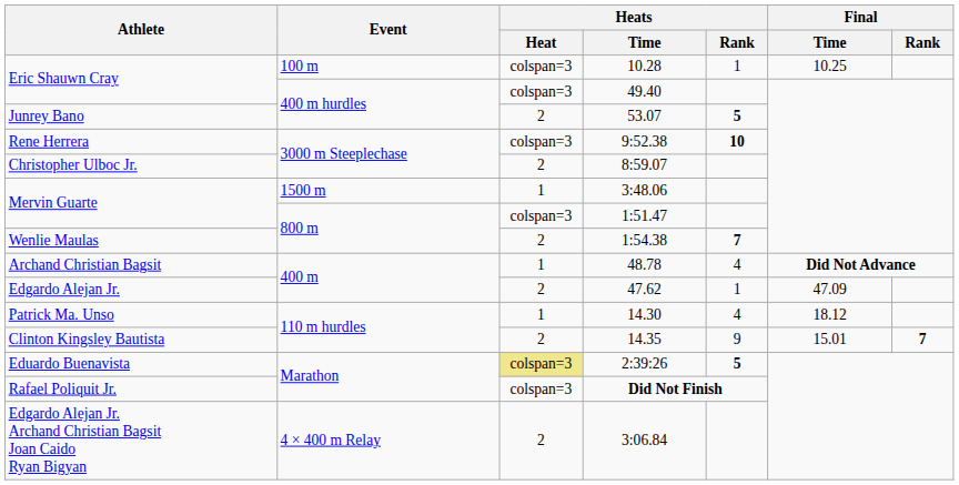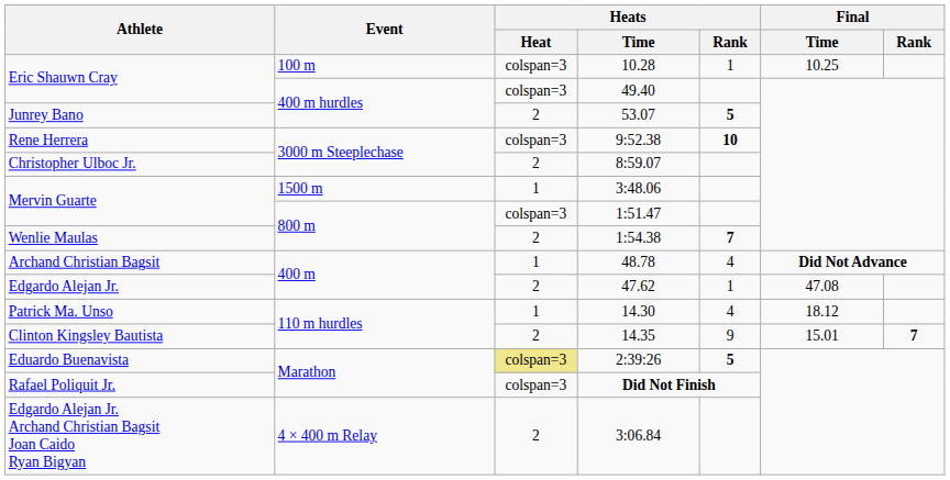 <table class="wikitable" width="72%" style="text-align:center; font-size:90%">
 <tr>
 <th rowspan="2" width="22%">Athlete</th>
 <th rowspan="2" width="18%">Event</th>
 <th colspan="3" width="20%">Heats</th>
 <th colspan="2" width="15%">Final</th>
 </tr>
 <tr>
 <th width="5%">Heat</th>
 <th width="10%">Time</th>
 <th>Rank</th>
 <th width="10%">Time</th>
 <th>Rank</th>
 </tr>
 <tr>
 <td rowspan="2" align="left"><a href='#'>Eric Shauwn Cray</a></td>
 <td style="text-align:left;"><a href='#'>100 m</a></td>
 <td>colspan=3 </td>
 <td>10.28</td>
 <td>1 </td>
 <td>10.25</td>
 <td></td>
 </tr>
 <tr>
 <td rowspan="2" align="left"><a href='#'>400 m hurdles</a></td>
 <td>colspan=3 </td>
 <td>49.40</td>
 <td></td>
 </tr>
 <tr>
 <td style="text-align:left;"><a href='#'>Junrey Bano</a></td>
 <td>2</td>
 <td>53.07</td>
 <td><strong>5</strong></td>
 </tr>
 <tr>
 <td style="text-align:left;"><a href='#'>Rene Herrera</a></td>
 <td rowspan="2" align="left"><a href='#'>3000 m Steeplechase</a></td>
 <td>colspan=3 </td>
 <td>9:52.38</td>
 <td><strong>10</strong></td>
 </tr>
 <tr>
 <td style="text-align:left;"><a href='#'>Christopher Ulboc Jr.</a></td>
 <td>2</td>
 <td>8:59.07</td>
 <td></td>
 </tr>
 <tr>
 <td rowspan="2" align="left"><a href='#'>Mervin Guarte</a></td>
 <td align="left"><a href='#'>1500 m</a></td>
 <td>1</td>
 <td>3:48.06</td>
 <td></td>
 </tr>
 <tr>
 <td rowspan="2" align="left"><a href='#'>800 m</a></td>
 <td>colspan=3 </td>
 <td>1:51.47</td>
 <td></td>
 </tr>
 <tr>
 <td style="text-align:left;"><a href='#'>Wenlie Maulas</a></td>
 <td>2</td>
 <td>1:54.38</td>
 <td><strong>7</strong></td>
 </tr>
 <tr>
 <td style="text-align:left;"><a href='#'>Archand Christian Bagsit</a></td>
 <td rowspan="2" align="left"><a href='#'>400 m</a></td>
 <td>1</td>
 <td>48.78</td>
 <td>4</td>
 <td colspan=2><strong>Did Not Advance</strong></td>
 </tr>
 <tr>
 <td style="text-align:left;"><a href='#'>Edgardo Alejan Jr.</a></td>
 <td>2</td>
 <td>47.62</td>
 <td>1 <strong></strong></td>
-<td>47.09</td>
+<td>47.08</td>
 <td></td>
 </tr>
 <tr>
 <td style="text-align:left;"><a href='#'>Patrick Ma. Unso</a></td>
 <td rowspan="2" align="left"><a href='#'>110 m hurdles</a></td>
 <td>1</td>
 <td>14.30</td>
 <td>4 <strong></strong></td>
 <td>18.12</td>
 <td></td>
 </tr>
 <tr>
 <td style="text-align:left;"><a href='#'>Clinton Kingsley Bautista</a></td>
 <td>2</td>
 <td>14.35</td>
 <td>9 <strong></strong></td>
 <td>15.01</td>
 <td><strong>7</strong></td>
 </tr>
 <tr>
 <td style="text-align:left;"><a href='#'>Eduardo Buenavista</a></td>
 <td rowspan="2" align="left"><a href='#'>Marathon</a></td>
 <td style="background: khaki;">colspan=3 </td>
 <td>2:39:26</td>
 <td><strong>5</strong></td>
 </tr>
 <tr>
 <td style="text-align:left;"><a href='#'>Rafael Poliquit Jr.</a></td>
 <td>colspan=3 </td>
 <td colspan=2><strong>Did Not Finish</strong></td>
 </tr>
 <tr>
 <td style="text-align:left;"><a href='#'>Edgardo Alejan Jr.</a><br><a href='#'>Archand Christian Bagsit</a><br><a href='#'>Joan Caido</a><br><a href='#'>Ryan Bigyan</a></td>
 <td style="text-align:left;"><a href='#'>4 × 400 m Relay</a></td>
 <td>2</td>
 <td>3:06.84</td>
 <td></td>
 </tr>
 </table>
